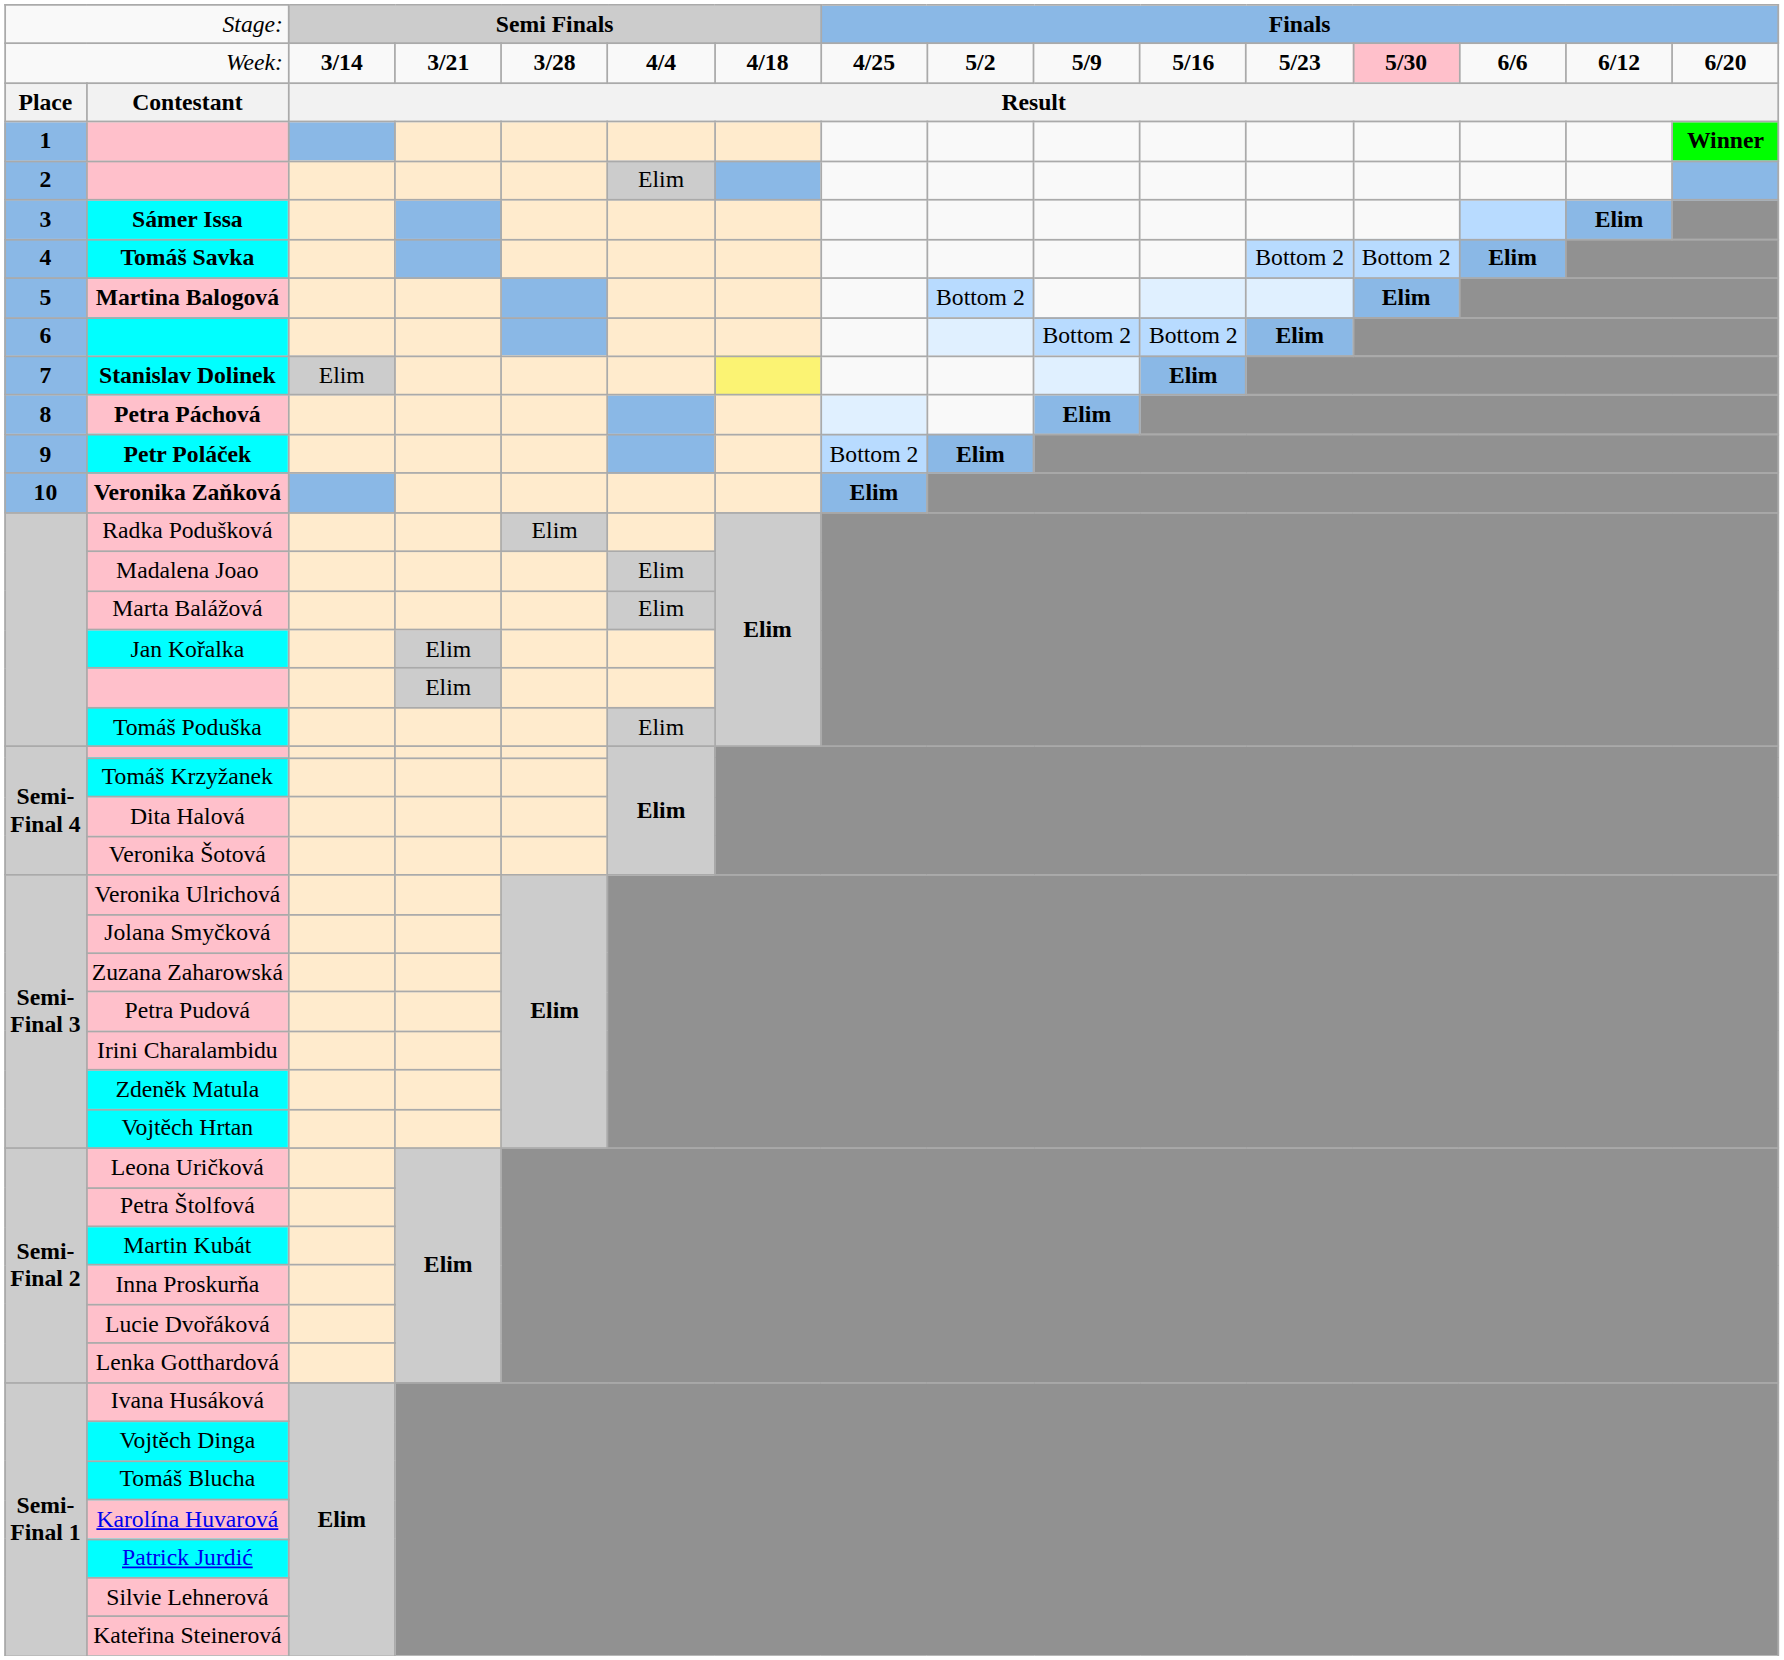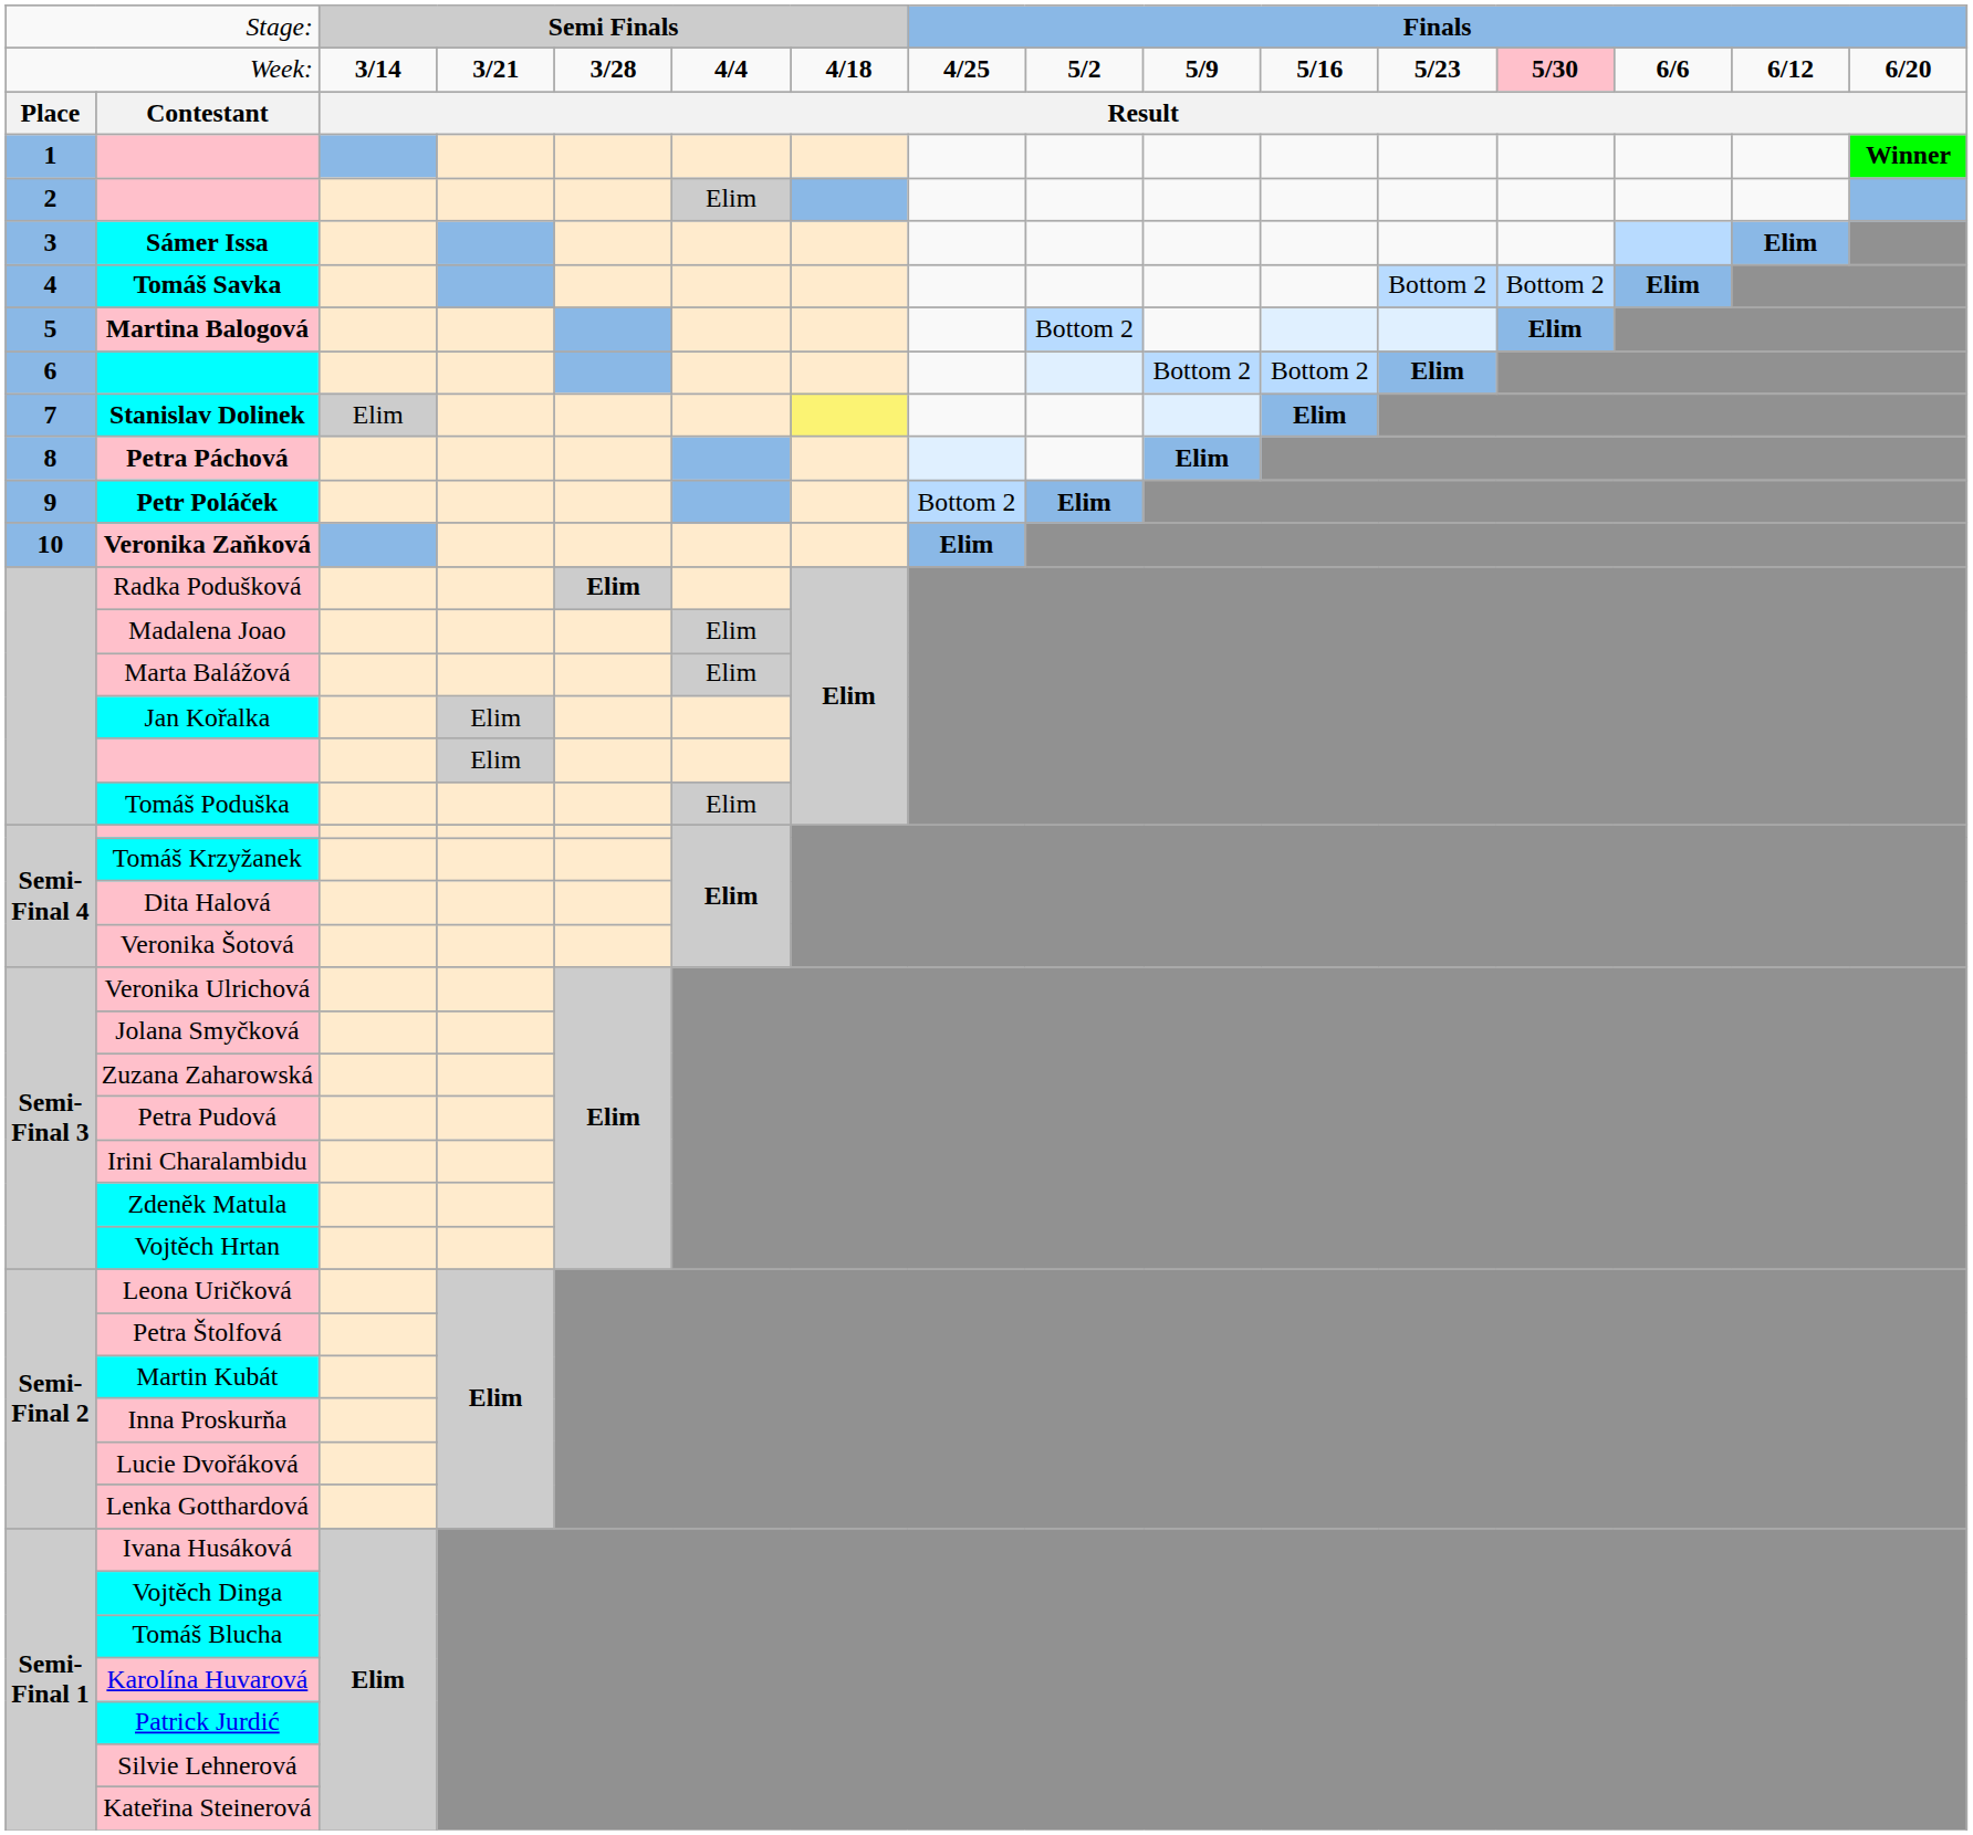 <table class="wikitable" style="margin:1em auto; text-align:center; font-size:85%">
 <tr>
 <td colspan="2" style="text-align:right;"><em>Stage:</em></td>
 <td colspan="5" style="background:#ccc;"><strong>Semi Finals</strong></td>
 <td colspan="9" style="background:#8ab8e6;"><strong>Finals</strong></td>
 </tr>
 <tr>
 <td colspan="2" style="text-align:right;"><em>Week:</em></td>
 <td width=6%><strong>3/14</strong></td>
 <td width=6%><strong>3/21</strong></td>
 <td width=6%><strong>3/28</strong></td>
 <td width=6%><strong>4/4</strong></td>
 <td width=6%><strong>4/18</strong></td>
 <td width=6%><strong>4/25</strong></td>
 <td width=6%><strong>5/2</strong></td>
 <td width=6%><strong>5/9</strong></td>
 <td width=6%><strong>5/16</strong></td>
 <td width=6%><strong>5/23</strong></td>
 <td width=6% style="background: pink;"><strong>5/30</strong></td>
 <td width=6%><strong>6/6</strong></td>
 <td width=6%><strong>6/12</strong></td>
 <td width=6%><strong>6/20</strong></td>
 </tr>
 <tr>
 <th>Place</th>
 <th>Contestant</th>
 <th colspan="16">Result</th>
 </tr>
 <tr>
 <td style="background:#8ab8e6;"><strong>1</strong></td>
 <td style="background:pink;"></td>
 <td style="background:#8ab8e6;"></td>
 <td style="background:#ffebcd;"></td>
 <td style="background:#ffebcd;"></td>
 <td style="background:#ffebcd;"></td>
 <td style="background:#ffebcd;"></td>
 <td></td>
 <td></td>
 <td></td>
 <td></td>
 <td></td>
 <td></td>
 <td></td>
 <td></td>
 <td style="background:lime;"><strong>Winner</strong></td>
 </tr>
 <tr>
 <td style="background:#8ab8e6;"><strong>2</strong></td>
 <td style="background:pink;"></td>
 <td style="background:#ffebcd;"></td>
 <td style="background:#ffebcd;"></td>
 <td style="background:#ffebcd;"></td>
 <td style="background:#ccc;">Elim</td>
 <td style="background:#8ab8e6;"></td>
 <td></td>
 <td></td>
 <td></td>
 <td></td>
 <td></td>
 <td></td>
 <td></td>
 <td></td>
 <td style="background:#8ab8e6;"></td>
 </tr>
 <tr>
 <td style="background:#8ab8e6;"><strong>3</strong></td>
 <td style="background:cyan;"><strong>Sámer Issa</strong></td>
 <td style="background:#ffebcd;"></td>
 <td style="background:#8ab8e6;"></td>
 <td style="background:#ffebcd;"></td>
 <td style="background:#ffebcd;"></td>
 <td style="background:#ffebcd;"></td>
 <td></td>
 <td></td>
 <td></td>
 <td></td>
 <td></td>
 <td></td>
 <td style="background:#B8DBFF"></td>
 <td style="background:#8ab8e6;"><strong>Elim</strong></td>
 <td style="background:#919191;"></td>
 </tr>
 <tr>
 <td style="background:#8ab8e6;"><strong>4</strong></td>
 <td style="background:cyan;"><strong>Tomáš Savka</strong></td>
 <td style="background:#ffebcd;"></td>
 <td style="background:#8ab8e6;"></td>
 <td style="background:#ffebcd;"></td>
 <td style="background:#ffebcd;"></td>
 <td style="background:#ffebcd;"></td>
 <td></td>
 <td></td>
 <td></td>
 <td></td>
 <td style="background:#B8DBFF">Bottom 2</td>
 <td style="background:#B8DBFF">Bottom 2</td>
 <td style="background:#8ab8e6;"><strong>Elim</strong></td>
 <td style="background:#919191;" colspan="2"></td>
 </tr>
 <tr>
 <td style="background:#8ab8e6;"><strong>5</strong></td>
 <td style="background:pink;"><strong>Martina Balogová</strong></td>
 <td style="background:#ffebcd;"></td>
 <td style="background:#ffebcd;"></td>
 <td style="background:#8ab8e6;"></td>
 <td style="background:#ffebcd;"></td>
 <td style="background:#ffebcd;"></td>
 <td></td>
 <td style="background:#B8DBFF">Bottom 2</td>
 <td></td>
 <td style="background:#e0f0ff;"></td>
 <td style="background:#e0f0ff;"></td>
 <td style="background:#8ab8e6;"><strong>Elim</strong></td>
 <td style="background:#919191;" colspan="3"></td>
 </tr>
 <tr>
 <td style="background:#8ab8e6;"><strong>6</strong></td>
 <td style="background:cyan;"></td>
 <td style="background:#ffebcd;"></td>
 <td style="background:#ffebcd;"></td>
 <td style="background:#8ab8e6;"></td>
 <td style="background:#ffebcd;"></td>
 <td style="background:#ffebcd;"></td>
 <td></td>
 <td style="background:#e0f0ff;"></td>
 <td style="background:#B8DBFF">Bottom 2</td>
 <td style="background:#B8DBFF">Bottom 2</td>
 <td style="background:#8ab8e6;"><strong>Elim</strong></td>
 <td style="background:#919191;" colspan="4"></td>
 </tr>
 <tr>
 <td style="background:#8ab8e6;"><strong>7</strong></td>
 <td style="background:cyan;"><strong>Stanislav Dolinek</strong></td>
 <td style="background:#ccc;">Elim</td>
 <td style="background:#ffebcd;"></td>
 <td style="background:#ffebcd;"></td>
 <td style="background:#ffebcd;"></td>
 <td style="background:#fbf373;"></td>
 <td></td>
 <td></td>
 <td style="background:#e0f0ff;"></td>
 <td style="background:#8ab8e6;"><strong>Elim</strong></td>
 <td style="background:#919191;" colspan="5"></td>
 </tr>
 <tr>
 <td style="background:#8ab8e6;"><strong>8</strong></td>
 <td style="background:pink;"><strong>Petra Páchová</strong></td>
 <td style="background:#ffebcd;"></td>
 <td style="background:#ffebcd;"></td>
 <td style="background:#ffebcd;"></td>
 <td style="background:#8ab8e6;"></td>
 <td style="background:#ffebcd;"></td>
 <td style="background:#e0f0ff;"></td>
 <td></td>
 <td style="background:#8ab8e6;"><strong>Elim</strong></td>
 <td style="background:#919191;" colspan="6"></td>
 </tr>
 <tr>
 <td style="background:#8ab8e6;"><strong>9</strong></td>
 <td style="background:cyan;"><strong>Petr Poláček</strong></td>
 <td style="background:#ffebcd;"></td>
 <td style="background:#ffebcd;"></td>
 <td style="background:#ffebcd;"></td>
 <td style="background:#8ab8e6;"></td>
 <td style="background:#ffebcd;"></td>
 <td style="background:#B8DBFF">Bottom 2</td>
 <td style="background:#8ab8e6;"><strong>Elim</strong></td>
 <td style="background:#919191;" colspan="7"></td>
 </tr>
 <tr>
 <td style="background:#8ab8e6;"><strong>10</strong></td>
 <td style="background:pink;"><strong>Veronika Zaňková</strong></td>
 <td style="background:#8ab8e6;"></td>
 <td style="background:#ffebcd;"></td>
 <td style="background:#ffebcd;"></td>
 <td style="background:#ffebcd;"></td>
 <td style="background:#ffebcd;"></td>
 <td style="background:#8ab8e6;"><strong>Elim</strong></td>
 <td style="background:#919191;" colspan="8"></td>
 </tr>
 <tr>
 <td style="background:#ccc;" rowspan="6"></td>
 <td style="background:pink;">Radka Podušková</td>
 <td style="background:#ffebcd;"></td>
 <td style="background:#ffebcd;"></td>
-<td style="background:#ccc;">Elim</td>
+<td style="background:#ccc;"><strong>Elim</strong></td>
 <td style="background:#ffebcd;"></td>
 <td style="background:#ccc;" rowspan="6"><strong>Elim</strong></td>
 <td style="background:#919191;" colspan="12" rowspan="6"></td>
 </tr>
 <tr>
 <td style="background:pink;">Madalena Joao</td>
 <td style="background:#ffebcd;"></td>
 <td style="background:#ffebcd;"></td>
 <td style="background:#ffebcd;"></td>
 <td style="background:#ccc;">Elim</td>
 </tr>
 <tr>
 <td style="background:pink;">Marta Balážová</td>
 <td style="background:#ffebcd;"></td>
 <td style="background:#ffebcd;"></td>
 <td style="background:#ffebcd;"></td>
 <td style="background:#ccc;">Elim</td>
 </tr>
 <tr>
 <td style="background:cyan;">Jan Kořalka</td>
 <td style="background:#ffebcd;"></td>
 <td style="background:#ccc;">Elim</td>
 <td style="background:#ffebcd;"></td>
 <td style="background:#ffebcd;"></td>
 </tr>
 <tr>
 <td style="background:pink;"></td>
 <td style="background:#ffebcd;"></td>
 <td style="background:#ccc;">Elim</td>
 <td style="background:#ffebcd;"></td>
 <td style="background:#ffebcd;"></td>
 </tr>
 <tr>
 <td style="background:cyan;">Tomáš Poduška</td>
 <td style="background:#ffebcd;"></td>
 <td style="background:#ffebcd;"></td>
 <td style="background:#ffebcd;"></td>
 <td style="background:#ccc;">Elim</td>
 </tr>
 <tr>
 <td style="background:#ccc;" rowspan="4"><strong>Semi-<br>Final 4</strong></td>
 <td style="background:pink;"></td>
 <td style="background:#ffebcd;"></td>
 <td style="background:#ffebcd;"></td>
 <td style="background:#ffebcd;"></td>
 <td style="background:#ccc;" rowspan="4"><strong>Elim</strong></td>
 <td style="background:#919191;" colspan="13" rowspan="4"></td>
 </tr>
 <tr>
 <td style="background:cyan;">Tomáš Krzyžanek</td>
 <td style="background:#ffebcd;"></td>
 <td style="background:#ffebcd;"></td>
 <td style="background:#ffebcd;"></td>
 </tr>
 <tr>
 <td style="background:pink;">Dita Halová</td>
 <td style="background:#ffebcd;"></td>
 <td style="background:#ffebcd;"></td>
 <td style="background:#ffebcd;"></td>
 </tr>
 <tr>
 <td style="background:pink;">Veronika Šotová</td>
 <td style="background:#ffebcd;"></td>
 <td style="background:#ffebcd;"></td>
 <td style="background:#ffebcd;"></td>
 </tr>
 <tr>
 <td style="background:#ccc;" rowspan="7"><strong>Semi-<br>Final 3</strong></td>
 <td style="background:pink;">Veronika Ulrichová</td>
 <td style="background:#ffebcd;"></td>
 <td style="background:#ffebcd;"></td>
 <td style="background:#ccc;" rowspan="7"><strong>Elim</strong></td>
 <td style="background:#919191;" colspan="14" rowspan="7"></td>
 </tr>
 <tr>
 <td style="background:pink;">Jolana Smyčková</td>
 <td style="background:#ffebcd;"></td>
 <td style="background:#ffebcd;"></td>
 </tr>
 <tr>
 <td style="background:pink;">Zuzana Zaharowská</td>
 <td style="background:#ffebcd;"></td>
 <td style="background:#ffebcd;"></td>
 </tr>
 <tr>
 <td style="background:pink;">Petra Pudová</td>
 <td style="background:#ffebcd;"></td>
 <td style="background:#ffebcd;"></td>
 </tr>
 <tr>
 <td style="background:pink;">Irini Charalambidu</td>
 <td style="background:#ffebcd;"></td>
 <td style="background:#ffebcd;"></td>
 </tr>
 <tr>
 <td style="background:cyan;">Zdeněk Matula</td>
 <td style="background:#ffebcd;"></td>
 <td style="background:#ffebcd;"></td>
 </tr>
 <tr>
 <td style="background:cyan;">Vojtěch Hrtan</td>
 <td style="background:#ffebcd;"></td>
 <td style="background:#ffebcd;"></td>
 </tr>
 <tr>
 <td style="background:#ccc;" rowspan="6"><strong>Semi-<br>Final 2</strong></td>
 <td style="background:pink;">Leona Uričková</td>
 <td style="background:#ffebcd;"></td>
 <td style="background:#ccc;" rowspan="6"><strong>Elim</strong></td>
 <td style="background:#919191;" colspan="14" rowspan="6"></td>
 </tr>
 <tr>
 <td style="background:pink;">Petra Štolfová</td>
 <td style="background:#ffebcd;"></td>
 </tr>
 <tr>
 <td style="background:cyan;">Martin Kubát</td>
 <td style="background:#ffebcd;"></td>
 </tr>
 <tr>
 <td style="background:pink;">Inna Proskurňa</td>
 <td style="background:#ffebcd;"></td>
 </tr>
 <tr>
 <td style="background:pink;">Lucie Dvořáková</td>
 <td style="background:#ffebcd;"></td>
 </tr>
 <tr>
 <td style="background:pink;">Lenka Gotthardová</td>
 <td style="background:#ffebcd;"></td>
 </tr>
 <tr>
 <td style="background:#ccc;" rowspan="7"><strong>Semi-<br>Final 1</strong></td>
 <td style="background:pink;">Ivana Husáková</td>
 <td style="background:#ccc;" rowspan="7"><strong>Elim</strong></td>
 <td style="background:#919191;" colspan="15" rowspan="7"></td>
 </tr>
 <tr>
 <td style="background:cyan;">Vojtěch Dinga</td>
 </tr>
 <tr>
 <td style="background:cyan;">Tomáš Blucha</td>
 </tr>
 <tr>
 <td style="background:pink;"><a href='#'>Karolína Huvarová</a></td>
 </tr>
 <tr>
 <td style="background:cyan;"><a href='#'>Patrick Jurdić</a></td>
 </tr>
 <tr>
 <td style="background:pink;">Silvie Lehnerová</td>
 </tr>
 <tr>
 <td style="background:pink;">Kateřina Steinerová</td>
 </tr>
 </table>
